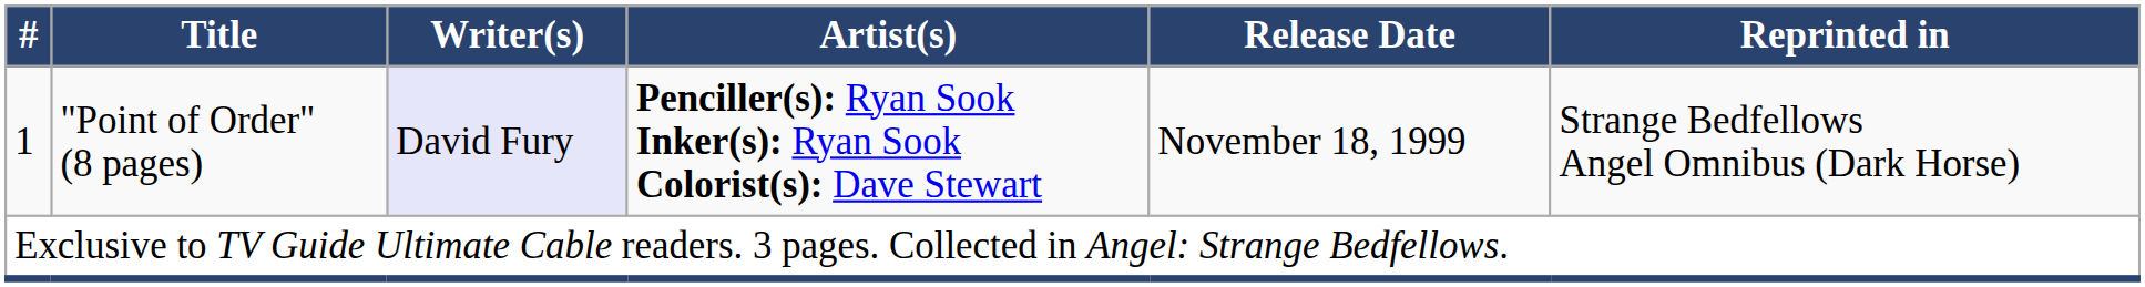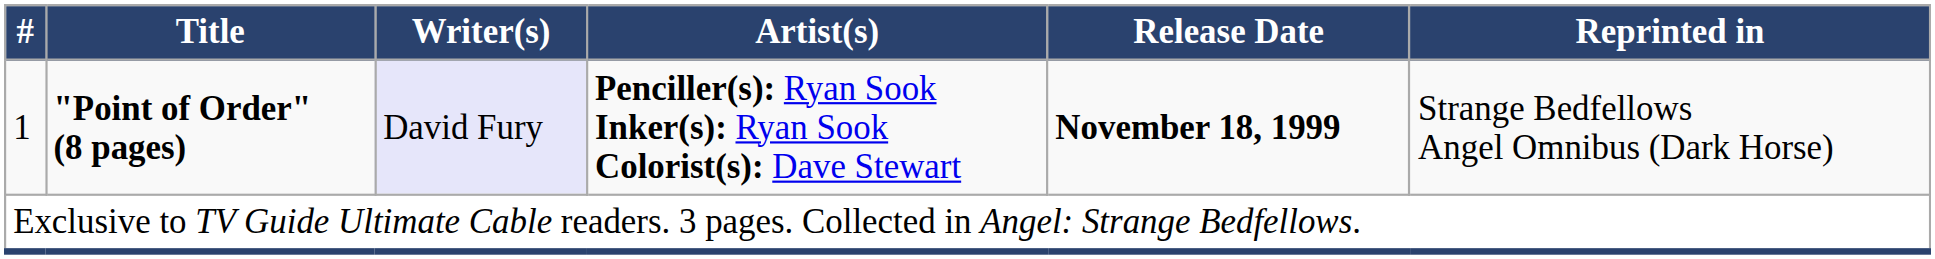 <table style="width: 100%;" class="wikitable">
 <tr>
 <th style="background: #2A426E; color: white;">#</th>
 <th style="background: #2A426E; color: white;">Title</th>
 <th style="background: #2A426E; color: white;">Writer(s)</th>
 <th style="background: #2A426E; color: white;">Artist(s)</th>
 <th style="background: #2A426E; color: white;">Release Date</th>
 <th style="background: #2A426E; color: white;">Reprinted in</th>
 </tr>
 <tr>
 <td>1</td>
-<td>"Point of Order"<br>(8 pages)</td>
+<td><strong>"Point of Order"<br>(8 pages)</strong></td>
 <td style="background: lavender;">David Fury</td>
 <td><strong>Penciller(s):</strong> <a href='#'>Ryan Sook</a><br><strong>Inker(s):</strong> <a href='#'>Ryan Sook</a><br><strong>Colorist(s):</strong> <a href='#'>Dave Stewart</a></td>
-<td>November 18, 1999</td>
+<td><strong>November 18, 1999</strong></td>
 <td>Strange Bedfellows<br>Angel Omnibus (Dark Horse)</td>
 </tr>
 <tr>
 <td style="text-align:left; font-weight:normal; background:#fff; border-bottom:3px solid #2a426e;" colspan="6">Exclusive to <em>TV Guide Ultimate Cable</em> readers. 3 pages. Collected in <em>Angel: Strange Bedfellows</em>.</td>
 </tr>
 </table>
